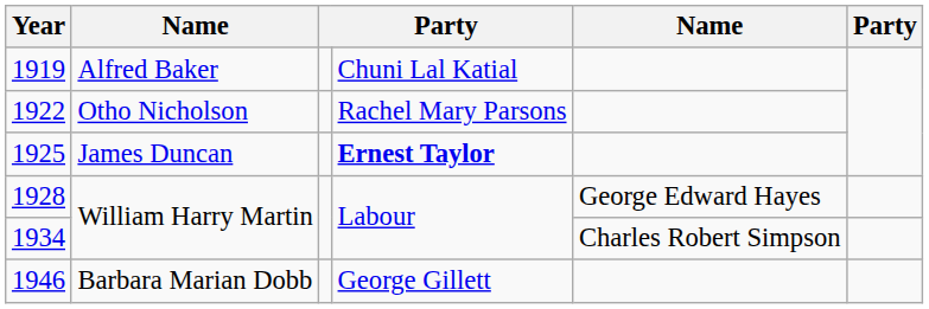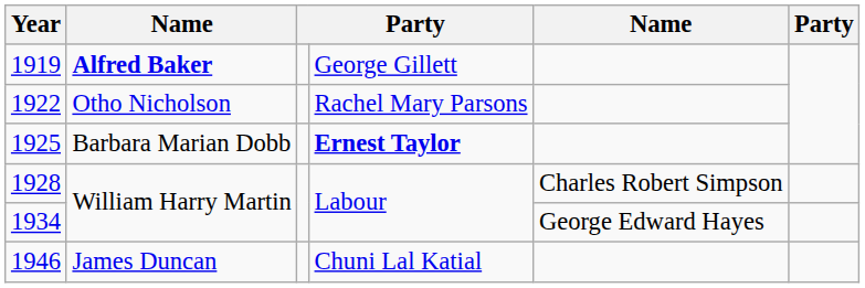 <table class="wikitable">
 <tr>
 <th>Year</th>
 <th>Name</th>
 <th colspan=2>Party</th>
 <th>Name</th>
 <th colspan=2>Party</th>
 </tr>
 <tr>
 <td><a href='#'>1919</a></td>
-<td><a href='#'>Alfred Baker</a></td>
+<td><strong><a href='#'>Alfred Baker</a></strong></td>
 <td></td>
-<td><a href='#'>Chuni Lal Katial</a></td>
+<td><a href='#'>George Gillett</a></td>
 <td></td>
 </tr>
 <tr>
 <td><a href='#'>1922</a></td>
 <td><a href='#'>Otho Nicholson</a></td>
 <td></td>
 <td><a href='#'>Rachel Mary Parsons</a></td>
 <td></td>
 </tr>
 <tr>
 <td><a href='#'>1925</a></td>
-<td><a href='#'>James Duncan</a></td>
+<td>Barbara Marian Dobb</td>
 <td></td>
 <td><strong><a href='#'>Ernest Taylor</a></strong></td>
 <td></td>
 </tr>
 <tr>
 <td><a href='#'>1928</a></td>
 <td rowspan=2>William Harry Martin</td>
 <td rowspan=2 style="background-color: "></td>
 <td rowspan=2><a href='#'>Labour</a></td>
+<td>Charles Robert Simpson</td>
+<td></td>
+</tr>
+<tr>
+<td><a href='#'>1934</a></td>
 <td>George Edward Hayes</td>
 <td></td>
 </tr>
 <tr>
-<td><a href='#'>1934</a></td>
-<td>Charles Robert Simpson</td>
+<td><a href='#'>1946</a></td>
+<td><a href='#'>James Duncan</a></td>
 <td></td>
-</tr>
-<tr>
-<td><a href='#'>1946</a></td>
-<td>Barbara Marian Dobb</td>
-<td></td>
-<td><a href='#'>George Gillett</a></td>
+<td><a href='#'>Chuni Lal Katial</a></td>
 <td></td>
 </tr>
 </table>
